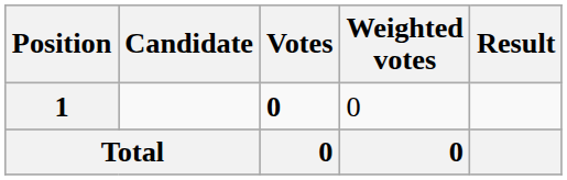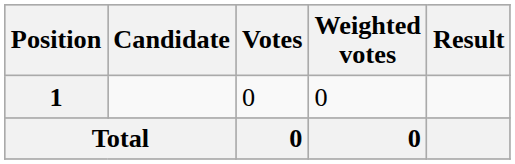 <table class="wikitable sortable">
 <tr>
 <th scope="col">Position</th>
 <th scope="col">Candidate</th>
 <th scope="col">Votes</th>
 <th scope="col">Weighted<br>votes</th>
 <th scope="col">Result</th>
 </tr>
 <tr>
 <th scope="row">1</th>
 <td></td>
-<td><strong>0</strong></td>
+<td>0</td>
 <td>0</td>
 <td></td>
 </tr>
 <tr class="sortbottom">
 <th scope="row" colspan="2">Total</th>
 <th style="text-align:right">0</th>
 <th style="text-align:right">0</th>
 <th></th>
 </tr>
 </table>
